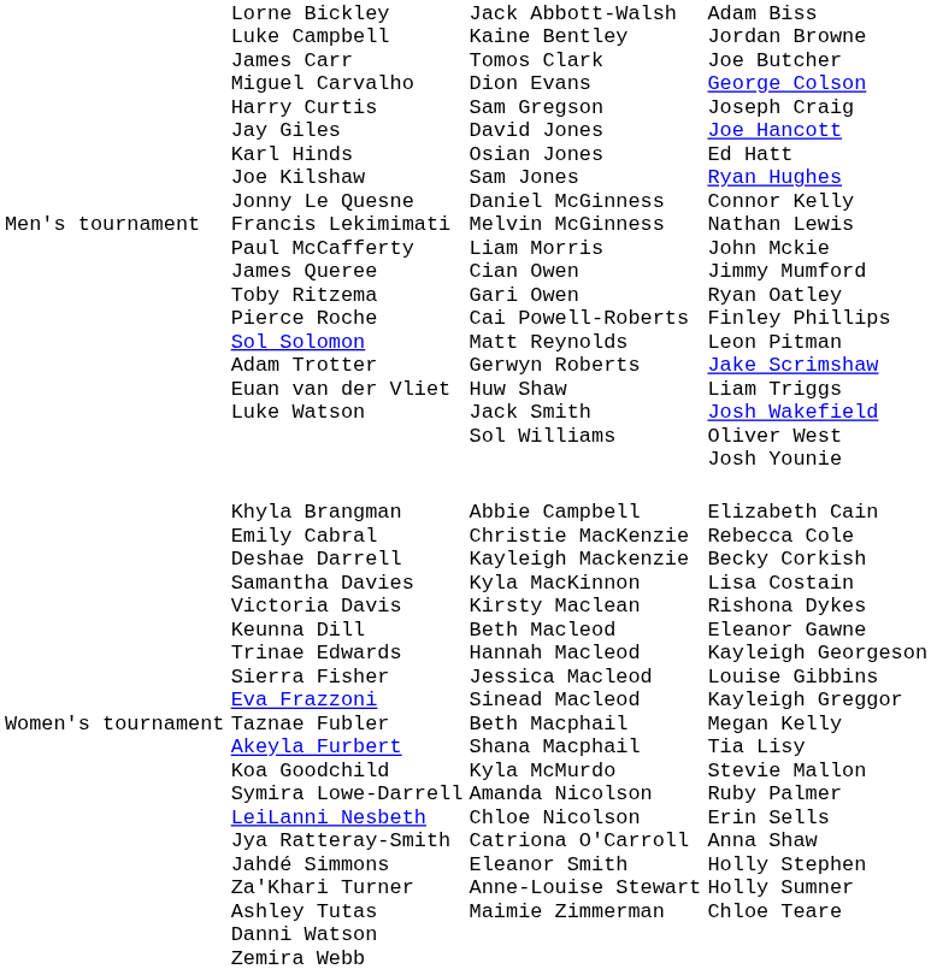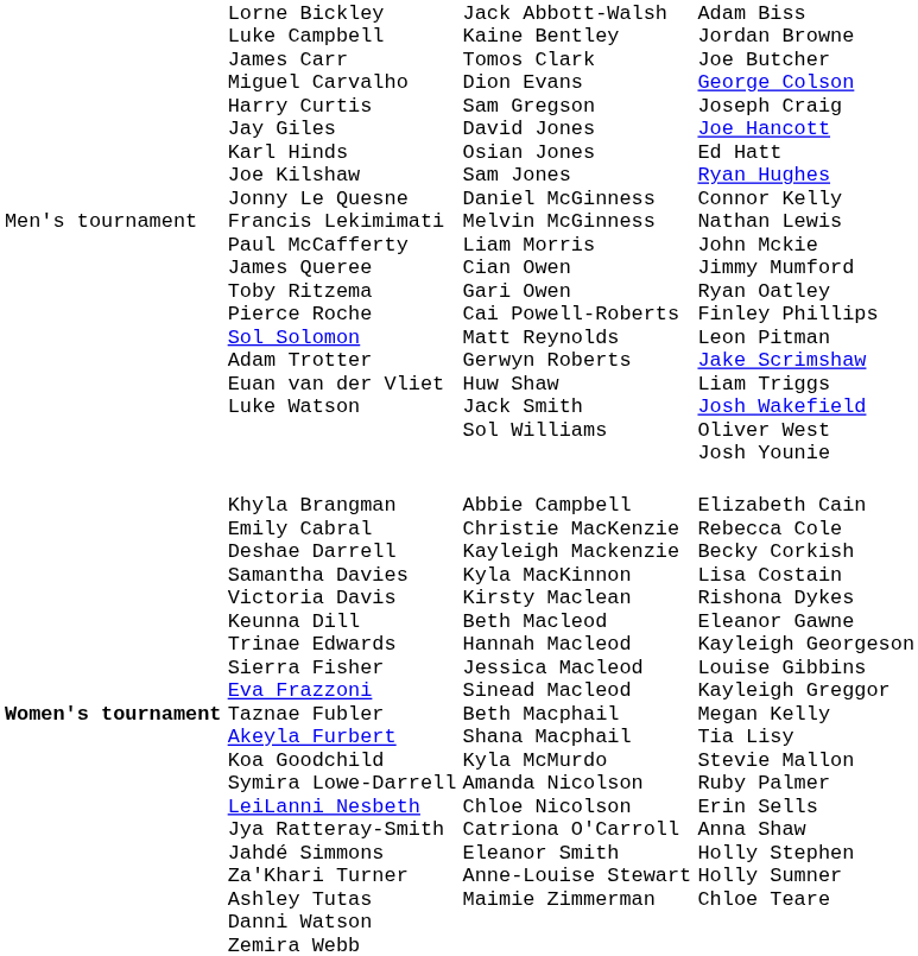 <table>
 <tr>
 <td>Men's tournament<br></td>
 <td valign=top nowrap> <br>Lorne Bickley<br>Luke Campbell<br>James Carr<br>Miguel Carvalho<br>Harry Curtis<br>Jay Giles<br>Karl Hinds<br>Joe Kilshaw<br>Jonny Le Quesne<br>Francis Lekimimati<br>Paul McCafferty<br>James Queree<br>Toby Ritzema<br>Pierce Roche<br><a href='#'>Sol Solomon</a><br>Adam Trotter<br>Euan van der Vliet<br>Luke Watson</td>
 <td valign=top nowrap><br>Jack Abbott-Walsh<br>Kaine Bentley<br>Tomos Clark<br>Dion Evans<br>Sam Gregson<br>David Jones<br>Osian Jones<br>Sam Jones<br>Daniel McGinness<br>Melvin McGinness<br>Liam Morris<br>Cian Owen<br>Gari Owen<br>Cai Powell-Roberts<br>Matt Reynolds<br>Gerwyn Roberts<br>Huw Shaw<br>Jack Smith<br>Sol Williams</td>
 <td nowrap><br>Adam Biss<br>Jordan Browne<br>Joe Butcher<br><a href='#'>George Colson</a><br>Joseph Craig<br><a href='#'>Joe Hancott</a><br>Ed Hatt<br><a href='#'>Ryan Hughes</a><br>Connor Kelly<br>Nathan Lewis<br>John Mckie<br>Jimmy Mumford<br>Ryan Oatley<br>Finley Phillips<br>Leon Pitman<br><a href='#'>Jake Scrimshaw</a><br>Liam Triggs<br><a href='#'>Josh Wakefield</a><br>Oliver West<br>Josh Younie</td>
 </tr>
 <tr>
-<td>Women's tournament<br></td>
+<td><strong>Women's tournament<br></strong></td>
 <td nowrap> <br>Khyla Brangman<br>Emily Cabral<br>Deshae Darrell<br>Samantha Davies<br>Victoria Davis<br>Keunna Dill<br>Trinae Edwards<br>Sierra Fisher<br><a href='#'>Eva Frazzoni</a><br>Taznae Fubler<br><a href='#'>Akeyla Furbert</a><br>Koa Goodchild<br>Symira Lowe-Darrell<br><a href='#'>LeiLanni Nesbeth</a><br>Jya Ratteray-Smith<br>Jahdé Simmons<br>Za'Khari Turner<br>Ashley Tutas<br>Danni Watson<br>Zemira Webb</td>
 <td valign=top nowrap><br>Abbie Campbell<br>Christie MacKenzie<br>Kayleigh Mackenzie<br>Kyla MacKinnon<br>Kirsty Maclean<br>Beth Macleod<br>Hannah Macleod<br>Jessica Macleod<br>Sinead Macleod<br>Beth Macphail<br>Shana Macphail<br>Kyla McMurdo<br>Amanda Nicolson<br>Chloe Nicolson<br>Catriona O'Carroll<br>Eleanor Smith<br>Anne-Louise Stewart<br>Maimie Zimmerman</td>
 <td valign=top nowrap><br>Elizabeth Cain<br>Rebecca Cole<br>Becky Corkish<br>Lisa Costain<br>Rishona Dykes<br>Eleanor Gawne<br>Kayleigh Georgeson<br>Louise Gibbins<br>Kayleigh Greggor<br>Megan Kelly<br>Tia Lisy<br>Stevie Mallon<br>Ruby Palmer<br>Erin Sells<br>Anna Shaw<br>Holly Stephen<br>Holly Sumner<br>Chloe Teare</td>
 </tr>
 </table>
